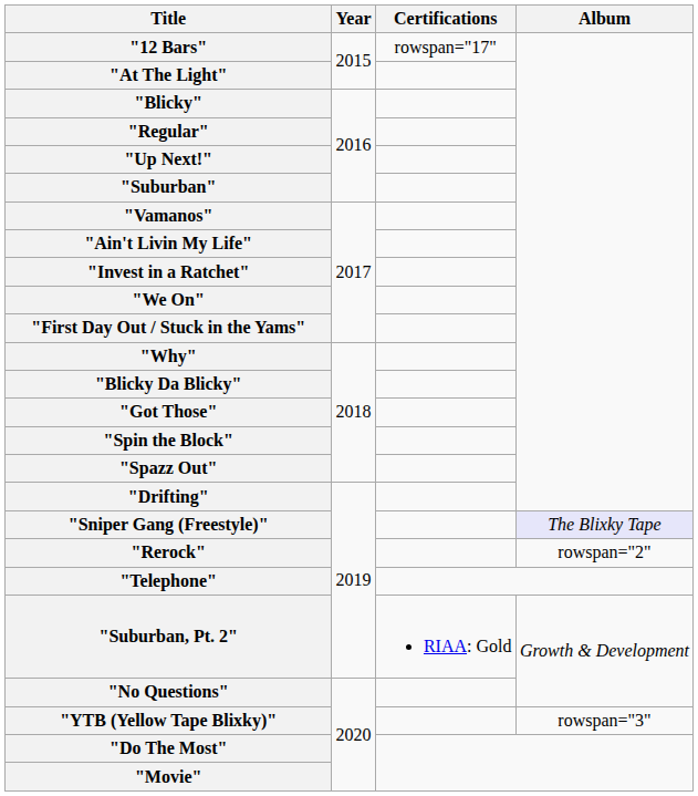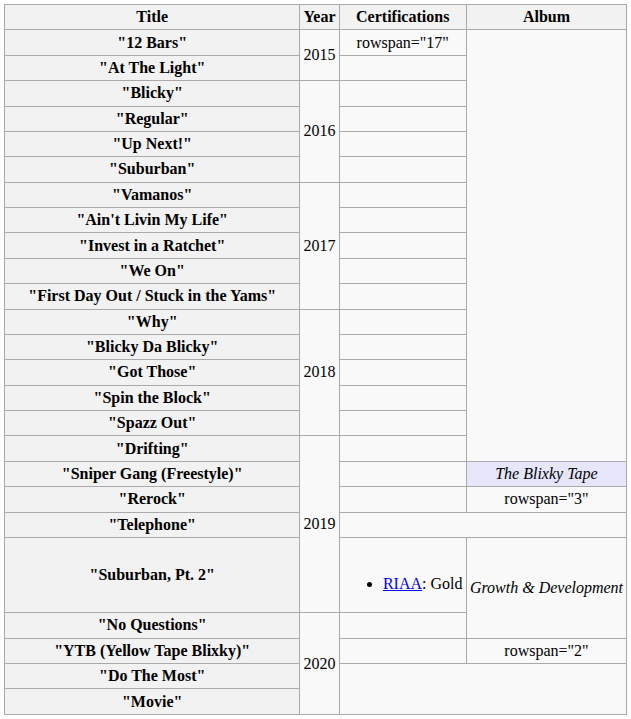 <table class="wikitable plainrowheaders" style="text-align:center;">
 <tr>
 <th scope="col" rowspan="1" style="width:18em;">Title</th>
 <th scope="col" rowspan="1">Year</th>
 <th scope="col">Certifications</th>
 <th scope="col" rowspan="1">Album</th>
 </tr>
 <tr>
 <th scope="row">"12 Bars"<br></th>
 <td rowspan="2">2015</td>
 <td>rowspan="17" </td>
 </tr>
 <tr>
 <th scope="row">"At The Light"<br></th>
 <td></td>
 </tr>
 <tr>
 <th scope="row">"Blicky"<br></th>
 <td rowspan="4">2016</td>
 <td></td>
 </tr>
 <tr>
 <th scope="row">"Regular"<br></th>
 <td></td>
 </tr>
 <tr>
 <th scope="row">"Up Next!"<br></th>
 <td></td>
 </tr>
 <tr>
 <th scope="row">"Suburban"</th>
 <td></td>
 </tr>
 <tr>
 <th scope="row">"Vamanos"<br></th>
 <td rowspan="5">2017</td>
 <td></td>
 </tr>
 <tr>
 <th scope="row">"Ain't Livin My Life"</th>
 <td></td>
 </tr>
 <tr>
 <th scope="row">"Invest in a Ratchet"<br></th>
 <td></td>
 </tr>
 <tr>
 <th scope="row">"We On"<br></th>
 <td></td>
 </tr>
 <tr>
 <th scope="row">"First Day Out / Stuck in the Yams"</th>
 <td></td>
 </tr>
 <tr>
 <th scope="row">"Why"</th>
 <td rowspan="5">2018</td>
 <td></td>
 </tr>
 <tr>
 <th scope="row">"Blicky Da Blicky"</th>
 <td></td>
 </tr>
 <tr>
 <th scope="row">"Got Those"</th>
 <td></td>
 </tr>
 <tr>
 <th scope="row">"Spin the Block"<br></th>
 <td></td>
 </tr>
 <tr>
 <th scope="row">"Spazz Out"<br></th>
 <td></td>
 </tr>
 <tr>
 <th scope="row">"Drifting"<br></th>
 <td rowspan="5">2019</td>
 <td></td>
 </tr>
 <tr>
 <th scope="row">"Sniper Gang (Freestyle)"</th>
 <td></td>
 <td style="background: lavender;"><em>The Blixky Tape</em></td>
 </tr>
 <tr>
 <th scope="row">"Rerock"<br></th>
 <td></td>
-<td>rowspan="2" </td>
+<td>rowspan="3" </td>
 </tr>
 <tr>
 <th scope="row">"Telephone"<br></th>
 </tr>
 <tr>
 <th scope="row">"Suburban, Pt. 2"</th>
 <td><br><ul><li><a href='#'>RIAA</a>: Gold</li></ul></td>
 <td rowspan="2"><em>Growth & Development</em></td>
 </tr>
 <tr>
 <th scope="row">"No Questions"</th>
 <td rowspan="4">2020</td>
 </tr>
 <tr>
 <th scope="row">"YTB (Yellow Tape Blixky)"<br></th>
 <td></td>
-<td>rowspan="3" </td>
+<td>rowspan="2" </td>
 </tr>
 <tr>
 <th scope="row">"Do The Most"<br></th>
 </tr>
 <tr>
 <th scope="row">"Movie"<br></th>
 </tr>
 </table>
